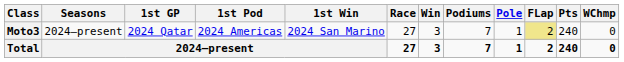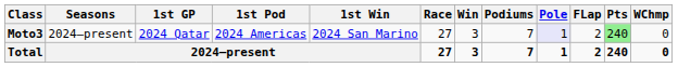 <table class="wikitable" style="text-align:right;">
 <tr>
 <th>Class</th>
 <th>Seasons</th>
 <th>1st GP</th>
 <th>1st Pod</th>
 <th>1st Win</th>
 <th>Race</th>
 <th>Win</th>
 <th>Podiums</th>
 <th><a href='#'>Pole</a></th>
 <th>FLap</th>
 <th>Pts</th>
 <th>WChmp</th>
 </tr>
 <tr>
 <th>Moto3</th>
 <td>2024–present</td>
 <td style="text-align:left;"><a href='#'>2024 Qatar</a></td>
 <td style="text-align:left;"><a href='#'>2024 Americas</a></td>
 <td style="text-align:left;"><a href='#'>2024 San Marino</a></td>
 <td>27</td>
 <td>3</td>
 <td>7</td>
-<td>1</td>
-<td style="background: khaki;">2</td>
-<td>240</td>
+<td style="background: lavender;">1</td>
+<td>2</td>
+<td style="background: lightgreen;">240</td>
 <td>0</td>
 </tr>
 <tr>
 <th>Total</th>
 <th colspan="4">2024–present</th>
 <td><strong>27</strong></td>
 <td><strong>3</strong></td>
 <td><strong>7</strong></td>
 <td><strong>1</strong></td>
 <td><strong>2</strong></td>
 <td><strong>240</strong></td>
 <td><strong>0</strong></td>
 </tr>
 </table>
